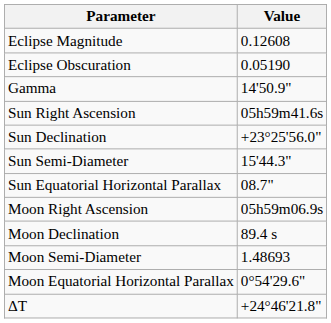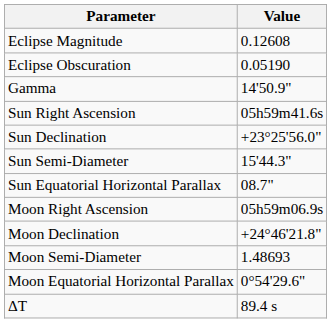 <table class="wikitable">
 <tr>
 <th>Parameter</th>
 <th>Value</th>
 </tr>
 <tr>
 <td>Eclipse Magnitude</td>
 <td>0.12608</td>
 </tr>
 <tr>
 <td>Eclipse Obscuration</td>
 <td>0.05190</td>
 </tr>
 <tr>
 <td>Gamma</td>
 <td>14'50.9"</td>
 </tr>
 <tr>
 <td>Sun Right Ascension</td>
 <td>05h59m41.6s</td>
 </tr>
 <tr>
 <td>Sun Declination</td>
 <td>+23°25'56.0"</td>
 </tr>
 <tr>
 <td>Sun Semi-Diameter</td>
 <td>15'44.3"</td>
 </tr>
 <tr>
 <td>Sun Equatorial Horizontal Parallax</td>
 <td>08.7"</td>
 </tr>
 <tr>
 <td>Moon Right Ascension</td>
 <td>05h59m06.9s</td>
 </tr>
 <tr>
 <td>Moon Declination</td>
-<td>89.4 s</td>
+<td>+24°46'21.8"</td>
 </tr>
 <tr>
 <td>Moon Semi-Diameter</td>
 <td>1.48693</td>
 </tr>
 <tr>
 <td>Moon Equatorial Horizontal Parallax</td>
 <td>0°54'29.6"</td>
 </tr>
 <tr>
 <td>ΔT</td>
-<td>+24°46'21.8"</td>
+<td>89.4 s</td>
 </tr>
 </table>
